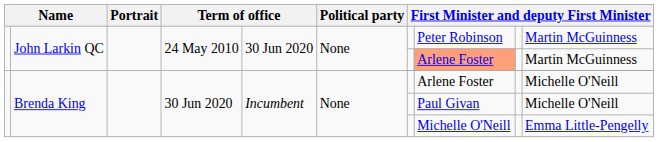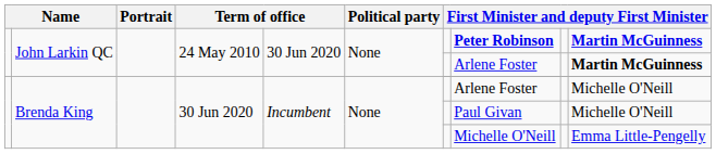 <table class="wikitable">
 <tr>
 <th colspan=2>Name</th>
 <th>Portrait</th>
 <th colspan=2>Term of office</th>
 <th>Political party</th>
 <th colspan=4><a href='#'>First Minister and deputy First Minister</a></th>
 </tr>
 <tr>
 <td rowspan=2 style="background-color: "></td>
 <td rowspan=2><a href='#'>John Larkin</a> QC</td>
 <td rowspan=2></td>
 <td rowspan=2>24 May 2010</td>
 <td rowspan=2>30 Jun 2020</td>
 <td rowspan=2>None</td>
 <td style="background-color: "></td>
-<td><a href='#'>Peter Robinson</a></td>
+<td><strong><a href='#'>Peter Robinson</a></strong></td>
 <td style="background-color: "></td>
-<td><a href='#'>Martin McGuinness</a></td>
+<td><strong><a href='#'>Martin McGuinness</a></strong></td>
 </tr>
 <tr>
 <td style="background-color: "></td>
-<td style="background: lightsalmon;"><a href='#'>Arlene Foster</a></td>
+<td><a href='#'>Arlene Foster</a></td>
 <td style="background-color: "></td>
-<td>Martin McGuinness</td>
+<td><strong>Martin McGuinness</strong></td>
 </tr>
 <tr>
 <td rowspan=4 style="background-color: "></td>
 <td rowspan=4><a href='#'>Brenda King</a></td>
 <td rowspan=4></td>
 <td rowspan=4>30 Jun 2020</td>
 <td rowspan=4><em>Incumbent</em></td>
 <td rowspan=4>None</td>
 </tr>
 <tr>
 <td style="background-color: "></td>
 <td>Arlene Foster</td>
 <td style="background-color: "></td>
 <td>Michelle O'Neill</td>
 </tr>
 <tr>
 <td style="background-color: "></td>
 <td><a href='#'>Paul Givan</a></td>
 <td style="background-color: "></td>
 <td>Michelle O'Neill</td>
 </tr>
 <tr>
 <td style="background-color: "></td>
 <td><a href='#'>Michelle O'Neill</a></td>
 <td style="background-color: "></td>
 <td><a href='#'>Emma Little-Pengelly</a></td>
 </tr>
 </table>
